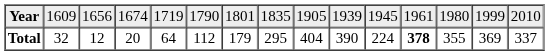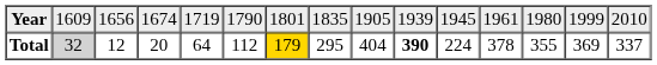 <table border="1" cellpadding="2" cellspacing="0" width="500">
 <tr bgcolor="#eeeeee" align="center">
 <td><strong>Year</strong></td>
 <td>1609</td>
 <td>1656</td>
 <td>1674</td>
 <td>1719</td>
 <td>1790</td>
 <td>1801</td>
 <td>1835</td>
 <td>1905</td>
 <td>1939</td>
 <td>1945</td>
 <td>1961</td>
 <td>1980</td>
 <td>1999</td>
 <td>2010</td>
 </tr>
 <tr align="center">
 <td><strong>Total</strong></td>
-<td>32</td>
+<td style="background: lightgrey;">32</td>
 <td>12</td>
 <td>20</td>
 <td>64</td>
 <td>112</td>
-<td>179</td>
+<td style="background: gold;">179</td>
 <td>295</td>
 <td>404</td>
-<td>390</td>
+<td><strong>390</strong></td>
 <td>224</td>
-<td><strong>378</strong></td>
+<td>378</td>
 <td>355</td>
 <td>369</td>
 <td>337</td>
 </tr>
 </table>
